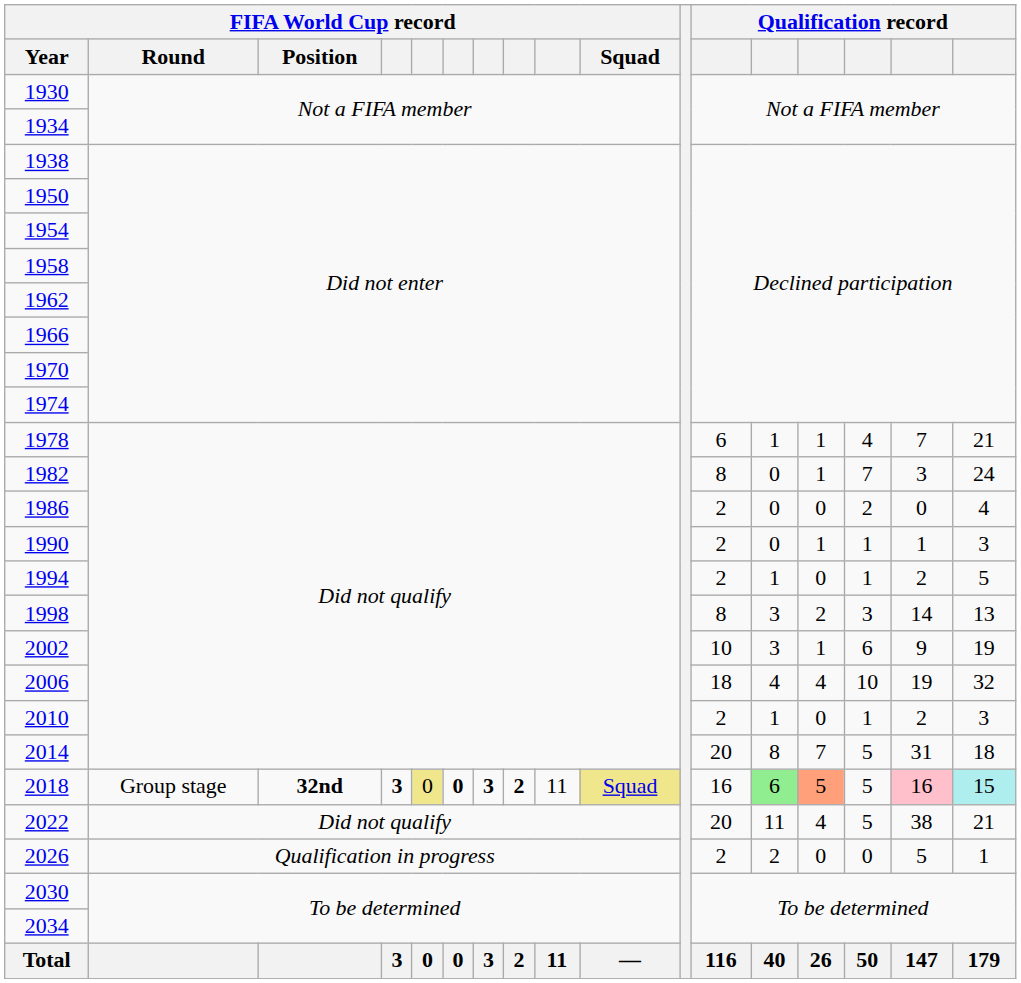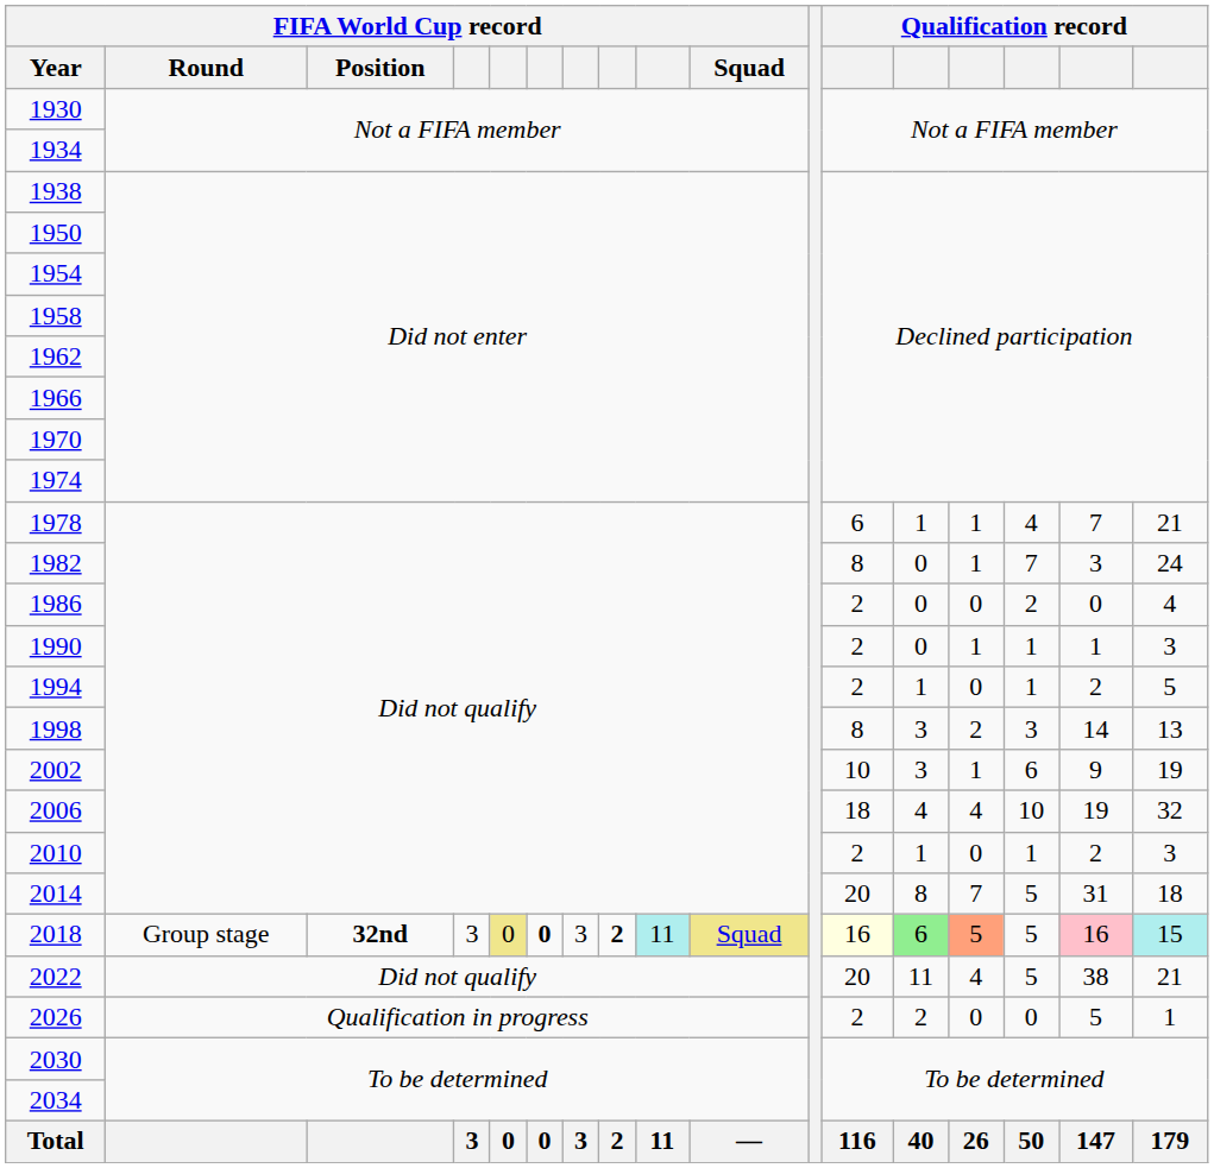 <table class="wikitable" style="text-align: center;">
 <tr>
 <th colspan=10><a href='#'>FIFA World Cup</a> record</th>
 <th width=1% rowspan=28></th>
 <th colspan=7><a href='#'>Qualification</a> record</th>
 </tr>
 <tr>
 <th>Year</th>
 <th>Round</th>
 <th>Position</th>
 <th></th>
 <th></th>
 <th></th>
 <th></th>
 <th></th>
 <th></th>
 <th>Squad</th>
 <th></th>
 <th></th>
 <th></th>
 <th></th>
 <th></th>
 <th></th>
 </tr>
 <tr>
 <td> <a href='#'>1930</a></td>
 <td colspan=9 rowspan=2><em>Not a FIFA member</em></td>
 <td colspan=7 rowspan=2><em>Not a FIFA member</em></td>
 </tr>
 <tr>
 <td> <a href='#'>1934</a></td>
 </tr>
 <tr>
 <td> <a href='#'>1938</a></td>
 <td colspan=9 rowspan=8><em>Did not enter</em></td>
 <td colspan=7 rowspan=8><em>Declined participation</em></td>
 </tr>
 <tr>
 <td> <a href='#'>1950</a></td>
 </tr>
 <tr>
 <td> <a href='#'>1954</a></td>
 </tr>
 <tr>
 <td> <a href='#'>1958</a></td>
 </tr>
 <tr>
 <td> <a href='#'>1962</a></td>
 </tr>
 <tr>
 <td> <a href='#'>1966</a></td>
 </tr>
 <tr>
 <td> <a href='#'>1970</a></td>
 </tr>
 <tr>
 <td> <a href='#'>1974</a></td>
 </tr>
 <tr>
 <td> <a href='#'>1978</a></td>
 <td colspan=9 rowspan=10><em>Did not qualify</em></td>
 <td>6</td>
 <td>1</td>
 <td>1</td>
 <td>4</td>
 <td>7</td>
 <td>21</td>
 </tr>
 <tr>
 <td> <a href='#'>1982</a></td>
 <td>8</td>
 <td>0</td>
 <td>1</td>
 <td>7</td>
 <td>3</td>
 <td>24</td>
 </tr>
 <tr>
 <td> <a href='#'>1986</a></td>
 <td>2</td>
 <td>0</td>
 <td>0</td>
 <td>2</td>
 <td>0</td>
 <td>4</td>
 </tr>
 <tr>
 <td> <a href='#'>1990</a></td>
 <td>2</td>
 <td>0</td>
 <td>1</td>
 <td>1</td>
 <td>1</td>
 <td>3</td>
 </tr>
 <tr>
 <td> <a href='#'>1994</a></td>
 <td>2</td>
 <td>1</td>
 <td>0</td>
 <td>1</td>
 <td>2</td>
 <td>5</td>
 </tr>
 <tr>
 <td> <a href='#'>1998</a></td>
 <td>8</td>
 <td>3</td>
 <td>2</td>
 <td>3</td>
 <td>14</td>
 <td>13</td>
 </tr>
 <tr>
 <td>  <a href='#'>2002</a></td>
 <td>10</td>
 <td>3</td>
 <td>1</td>
 <td>6</td>
 <td>9</td>
 <td>19</td>
 </tr>
 <tr>
 <td> <a href='#'>2006</a></td>
 <td>18</td>
 <td>4</td>
 <td>4</td>
 <td>10</td>
 <td>19</td>
 <td>32</td>
 </tr>
 <tr>
 <td> <a href='#'>2010</a></td>
 <td>2</td>
 <td>1</td>
 <td>0</td>
 <td>1</td>
 <td>2</td>
 <td>3</td>
 </tr>
 <tr>
 <td> <a href='#'>2014</a></td>
 <td>20</td>
 <td>8</td>
 <td>7</td>
 <td>5</td>
 <td>31</td>
 <td>18</td>
 </tr>
 <tr>
 <td> <a href='#'>2018</a></td>
 <td>Group stage</td>
 <td><strong>32nd</strong></td>
-<td><strong>3</strong></td>
+<td>3</td>
 <td style="background: khaki;">0</td>
 <td><strong>0</strong></td>
-<td><strong>3</strong></td>
+<td>3</td>
 <td><strong>2</strong></td>
-<td>11</td>
+<td style="background: paleturquoise;">11</td>
 <td style="background: khaki;"><a href='#'>Squad</a></td>
-<td>16</td>
+<td style="background: lightyellow;">16</td>
 <td style="background: lightgreen;">6</td>
 <td style="background: lightsalmon;">5</td>
 <td>5</td>
 <td style="background: pink;">16</td>
 <td style="background: paleturquoise;">15</td>
 </tr>
 <tr>
 <td> <a href='#'>2022</a></td>
 <td colspan=9><em>Did not qualify</em></td>
 <td>20</td>
 <td>11</td>
 <td>4</td>
 <td>5</td>
 <td>38</td>
 <td>21</td>
 </tr>
 <tr>
 <td>   <a href='#'>2026</a></td>
 <td colspan=9><em>Qualification in progress</em></td>
 <td>2</td>
 <td>2</td>
 <td>0</td>
 <td>0</td>
 <td>5</td>
 <td>1</td>
 </tr>
 <tr>
 <td>   <a href='#'>2030</a></td>
 <td colspan=9 rowspan=2><em>To be determined</em></td>
 <td colspan=7 rowspan=2><em>To be determined</em></td>
 </tr>
 <tr>
 <td> <a href='#'>2034</a></td>
 </tr>
 <tr>
 <th>Total</th>
 <th></th>
 <th></th>
 <th>3</th>
 <th>0</th>
 <th>0</th>
 <th>3</th>
 <th>2</th>
 <th>11</th>
 <th>—</th>
 <th>116</th>
 <th>40</th>
 <th>26</th>
 <th>50</th>
 <th>147</th>
 <th>179</th>
 </tr>
 </table>
